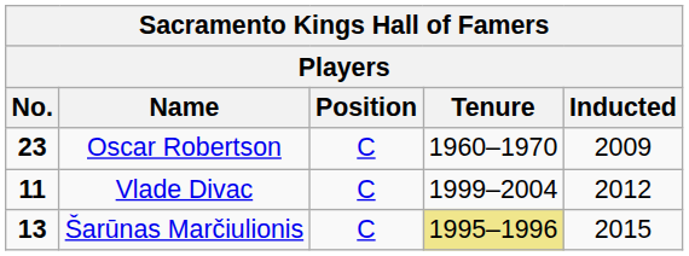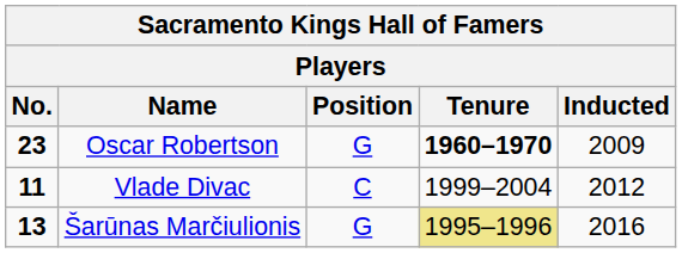 <table class="wikitable" style="text-align:center">
 <tr>
 <th colspan="5">Sacramento Kings Hall of Famers</th>
 </tr>
 <tr>
 <th colspan="5" style="text-align:center; ">Players</th>
 </tr>
 <tr>
 <th>No.</th>
 <th>Name</th>
 <th>Position</th>
 <th>Tenure</th>
 <th>Inducted</th>
 </tr>
 <tr>
 <td><strong>23</strong></td>
 <td><a href='#'>Oscar Robertson</a></td>
-<td><a href='#'>C</a></td>
-<td>1960–1970</td>
+<td><a href='#'>G</a></td>
+<td><strong>1960–1970</strong></td>
 <td>2009</td>
 </tr>
 <tr>
 <td><strong>11</strong></td>
 <td><a href='#'>Vlade Divac</a></td>
 <td><a href='#'>C</a></td>
 <td>1999–2004</td>
 <td>2012</td>
 </tr>
 <tr>
 <td><strong>13</strong></td>
 <td><a href='#'>Šarūnas Marčiulionis</a></td>
-<td><a href='#'>C</a></td>
+<td><a href='#'>G</a></td>
 <td style="background: khaki;">1995–1996</td>
-<td>2015</td>
+<td>2016</td>
 </tr>
 </table>
